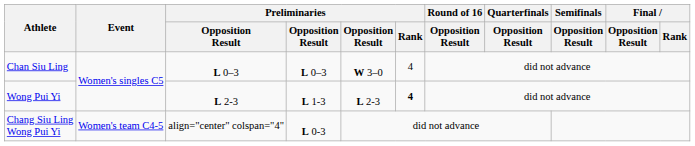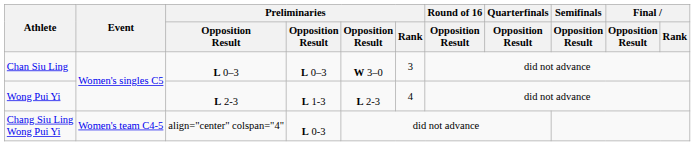 <table class=wikitable style="font-size:90%">
 <tr>
 <th rowspan="2">Athlete</th>
 <th rowspan="2">Event</th>
 <th colspan="4">Preliminaries</th>
 <th>Round of 16</th>
 <th>Quarterfinals</th>
 <th>Semifinals</th>
 <th colspan="2">Final / </th>
 </tr>
 <tr>
 <th>Opposition<br>Result</th>
 <th>Opposition<br>Result</th>
 <th>Opposition<br>Result</th>
 <th>Rank</th>
 <th>Opposition<br>Result</th>
 <th>Opposition<br>Result</th>
 <th>Opposition<br>Result</th>
 <th>Opposition<br>Result</th>
 <th>Rank</th>
 </tr>
 <tr>
 <td><a href='#'>Chan Siu Ling</a></td>
 <td rowspan="2"><a href='#'>Women's singles C5</a></td>
 <td align="center"><br><strong>L</strong> 0–3</td>
 <td align="center"><br><strong>L</strong> 0–3</td>
 <td align="center"><br><strong>W</strong> 3–0</td>
-<td align="center">4</td>
+<td align="center">3</td>
 <td align="center" colspan="5">did not advance</td>
 </tr>
 <tr>
 <td><a href='#'>Wong Pui Yi</a></td>
 <td align="center"><br><strong>L</strong> 2-3</td>
 <td align="center"><br><strong>L</strong> 1-3</td>
 <td align="center"><br><strong>L</strong> 2-3</td>
-<td align="center"><strong>4</strong></td>
+<td align="center">4</td>
 <td align="center" colspan="5">did not advance</td>
 </tr>
 <tr>
 <td><a href='#'>Chang Siu Ling</a><br> <a href='#'>Wong Pui Yi</a></td>
 <td><a href='#'>Women's team C4-5</a></td>
 <td>align="center" colspan="4" </td>
 <td align="center"><br><strong>L</strong> 0-3</td>
 <td align="center" colspan="4">did not advance</td>
 </tr>
 </table>
